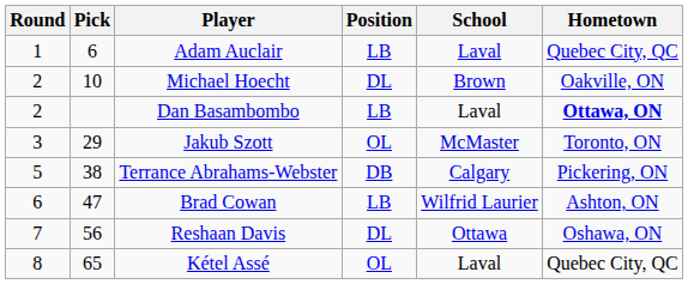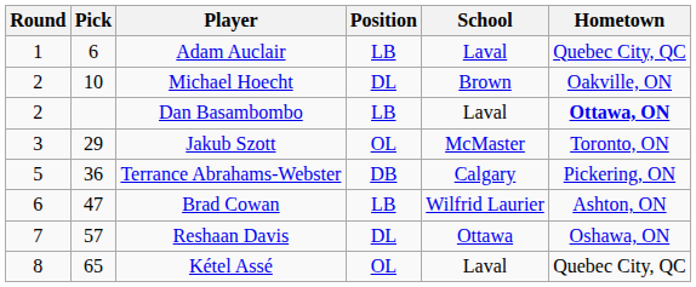 <table class="wikitable sortable">
 <tr>
 <th scope="col">Round</th>
 <th scope="col">Pick</th>
 <th scope="col">Player</th>
 <th scope="col">Position</th>
 <th scope="col">School</th>
 <th scope="col">Hometown</th>
 </tr>
 <tr align="center">
 <td align=center>1</td>
 <td>6</td>
 <td><a href='#'>Adam Auclair</a></td>
 <td><a href='#'>LB</a></td>
 <td><a href='#'>Laval</a></td>
 <td><a href='#'>Quebec City, QC</a></td>
 </tr>
 <tr align="center">
 <td align=center>2</td>
 <td>10</td>
 <td><a href='#'>Michael Hoecht</a></td>
 <td><a href='#'>DL</a></td>
 <td><a href='#'>Brown</a></td>
 <td><a href='#'>Oakville, ON</a></td>
 </tr>
 <tr align="center">
 <td align=center>2</td>
 <td></td>
 <td><a href='#'>Dan Basambombo</a></td>
 <td><a href='#'>LB</a></td>
 <td>Laval</td>
 <td><strong><a href='#'>Ottawa, ON</a></strong></td>
 </tr>
 <tr align="center">
 <td align=center>3</td>
 <td>29</td>
 <td><a href='#'>Jakub Szott</a></td>
 <td><a href='#'>OL</a></td>
 <td><a href='#'>McMaster</a></td>
 <td><a href='#'>Toronto, ON</a></td>
 </tr>
 <tr align="center">
 <td align=center>5</td>
-<td>38</td>
+<td>36</td>
 <td><a href='#'>Terrance Abrahams-Webster</a></td>
 <td><a href='#'>DB</a></td>
 <td><a href='#'>Calgary</a></td>
 <td><a href='#'>Pickering, ON</a></td>
 </tr>
 <tr align="center">
 <td align=center>6</td>
 <td>47</td>
 <td><a href='#'>Brad Cowan</a></td>
 <td><a href='#'>LB</a></td>
 <td><a href='#'>Wilfrid Laurier</a></td>
 <td><a href='#'>Ashton, ON</a></td>
 </tr>
 <tr align="center">
 <td align=center>7</td>
-<td>56</td>
+<td>57</td>
 <td><a href='#'>Reshaan Davis</a></td>
 <td><a href='#'>DL</a></td>
 <td><a href='#'>Ottawa</a></td>
 <td><a href='#'>Oshawa, ON</a></td>
 </tr>
 <tr align="center">
 <td align=center>8</td>
 <td>65</td>
 <td><a href='#'>Kétel Assé</a></td>
 <td><a href='#'>OL</a></td>
 <td>Laval</td>
 <td>Quebec City, QC</td>
 </tr>
 </table>
